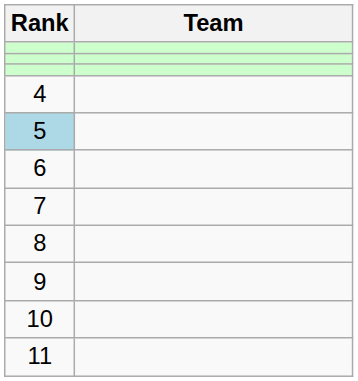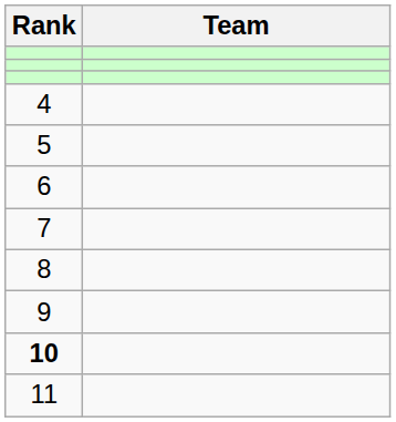 <table class="wikitable" style="text-align: center;">
 <tr>
 <th width=40>Rank</th>
 <th width=180>Team</th>
 </tr>
 <tr bgcolor=#CCFFCC>
 <td></td>
 <td style="text-align:left;"></td>
 </tr>
 <tr bgcolor=#CCFFCC>
 <td></td>
 <td style="text-align:left;"></td>
 </tr>
 <tr bgcolor=#CCFFCC>
 <td></td>
 <td style="text-align:left;"></td>
 </tr>
 <tr align=center>
 <td>4</td>
 <td style="text-align:left;"></td>
 </tr>
 <tr align=center>
-<td style="background: lightblue;">5</td>
+<td>5</td>
 <td style="text-align:left;"></td>
 </tr>
 <tr align=center>
 <td>6</td>
 <td style="text-align:left;"></td>
 </tr>
 <tr align=center>
 <td>7</td>
 <td style="text-align:left;"></td>
 </tr>
 <tr align=center>
 <td>8</td>
 <td style="text-align:left;"></td>
 </tr>
 <tr align=center>
 <td>9</td>
 <td style="text-align:left;"></td>
 </tr>
 <tr align=center>
-<td>10</td>
+<td><strong>10</strong></td>
 <td style="text-align:left;"></td>
 </tr>
 <tr align=center>
 <td>11</td>
 <td style="text-align:left;"></td>
 </tr>
 </table>
